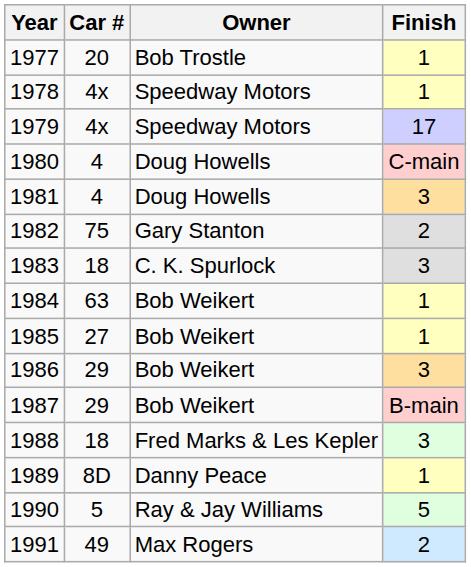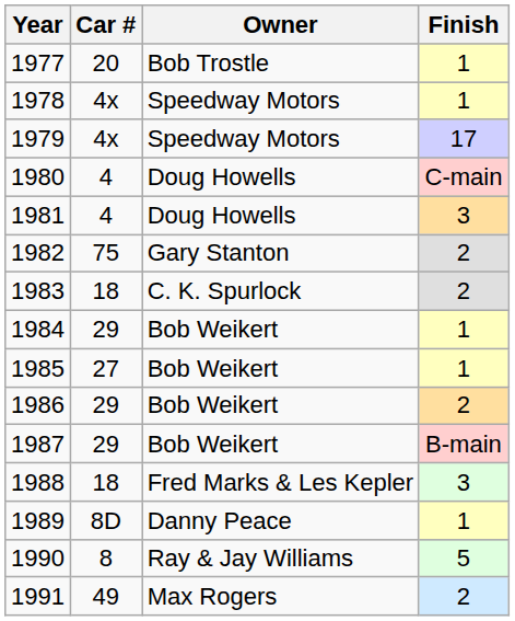 <table class="wikitable" style="font-size: 90%;">
 <tr>
 <th>Year</th>
 <th>Car #</th>
 <th>Owner</th>
 <th>Finish</th>
 </tr>
 <tr>
 <td>1977</td>
 <td align=center>20</td>
 <td>Bob Trostle</td>
 <td align=center style="background:#FFFFBF;">1</td>
 </tr>
 <tr>
 <td>1978</td>
 <td align=center>4x</td>
 <td>Speedway Motors</td>
 <td align=center style="background:#FFFFBF;">1</td>
 </tr>
 <tr>
 <td>1979</td>
 <td align=center>4x</td>
 <td>Speedway Motors</td>
 <td align=center style="background:#CFCFFF;">17</td>
 </tr>
 <tr>
 <td>1980</td>
 <td align=center>4</td>
 <td>Doug Howells</td>
 <td align=center style="background:#FFCFCF;">C-main</td>
 </tr>
 <tr>
 <td>1981</td>
 <td align=center>4</td>
 <td>Doug Howells</td>
 <td align=center style="background:#FFDF9F;">3</td>
 </tr>
 <tr>
 <td>1982</td>
 <td align=center>75</td>
 <td>Gary Stanton</td>
 <td align=center style="background:#DFDFDF;">2</td>
 </tr>
 <tr>
 <td>1983</td>
 <td align=center>18</td>
 <td>C. K. Spurlock</td>
-<td align=center style="background:#DFDFDF;">3</td>
+<td align=center style="background:#DFDFDF;">2</td>
 </tr>
 <tr>
 <td>1984</td>
-<td align=center>63</td>
+<td align=center>29</td>
 <td>Bob Weikert</td>
 <td align=center style="background:#FFFFBF;">1</td>
 </tr>
 <tr>
 <td>1985</td>
 <td align=center>27</td>
 <td>Bob Weikert</td>
 <td align=center style="background:#FFFFBF;">1</td>
 </tr>
 <tr>
 <td>1986</td>
 <td align=center>29</td>
 <td>Bob Weikert</td>
-<td align=center style="background:#FFDF9F;">3</td>
+<td align=center style="background:#FFDF9F;">2</td>
 </tr>
 <tr>
 <td>1987</td>
 <td align=center>29</td>
 <td>Bob Weikert</td>
 <td align=center style="background:#FFCFCF;">B-main</td>
 </tr>
 <tr>
 <td>1988</td>
 <td align=center>18</td>
 <td>Fred Marks & Les Kepler</td>
 <td align=center style="background:#DFFFDF;">3</td>
 </tr>
 <tr>
 <td>1989</td>
 <td align=center>8D</td>
 <td>Danny Peace</td>
 <td align=center style="background:#FFFFBF;">1</td>
 </tr>
 <tr>
 <td>1990</td>
-<td align=center>5</td>
+<td align=center>8</td>
 <td>Ray & Jay Williams</td>
 <td align=center style="background:#DFFFDF;">5</td>
 </tr>
 <tr>
 <td>1991</td>
 <td align=center>49</td>
 <td>Max Rogers</td>
 <td align=center style="background:#CFEAFF;">2</td>
 </tr>
 </table>
